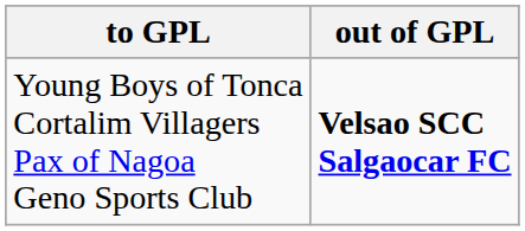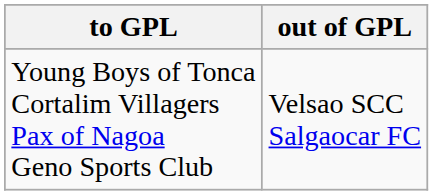 <table class="wikitable">
 <tr>
 <th> to GPL</th>
 <th> out of GPL</th>
 </tr>
 <tr>
 <td>Young Boys of Tonca <br> Cortalim Villagers <br> <a href='#'>Pax of Nagoa</a> <br> Geno Sports Club</td>
-<td><strong>Velsao SCC <br> <a href='#'>Salgaocar FC</a></strong></td>
+<td>Velsao SCC <br> <a href='#'>Salgaocar FC</a></td>
 </tr>
 </table>
